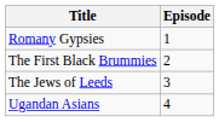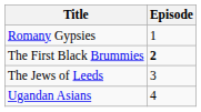 <table class="wikitable">
 <tr>
 <th>Title</th>
 <th>Episode</th>
 </tr>
 <tr>
 <td><a href='#'>Romany</a> Gypsies</td>
 <td>1</td>
 </tr>
 <tr>
 <td>The First Black <a href='#'>Brummies</a></td>
-<td>2</td>
+<td><strong>2</strong></td>
 </tr>
 <tr>
 <td>The Jews of <a href='#'>Leeds</a></td>
 <td>3</td>
 </tr>
 <tr>
 <td><a href='#'>Ugandan Asians</a></td>
 <td>4</td>
 </tr>
 </table>
